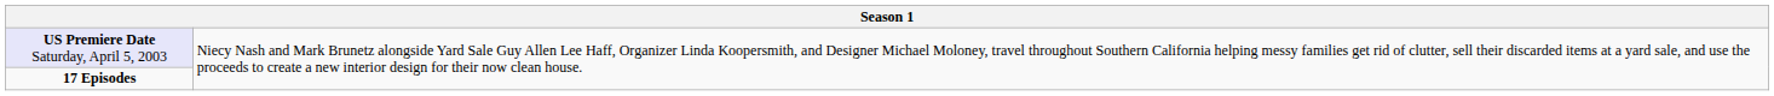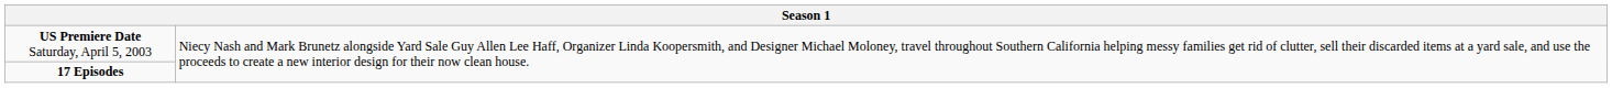 <table class="wikitable" style="width:98%;">
 <tr>
 <th colspan="2">Season 1</th>
 </tr>
 <tr>
-<td style="background: lavender; width:200px; text-align:center;"><strong>US Premiere Date</strong><br>Saturday, April 5, 2003</td>
+<td style="width:200px; text-align:center;"><strong>US Premiere Date</strong><br>Saturday, April 5, 2003</td>
 <td rowspan="2">Niecy Nash and Mark Brunetz alongside Yard Sale Guy Allen Lee Haff, Organizer Linda Koopersmith, and Designer Michael Moloney, travel throughout Southern California helping messy families get rid of clutter, sell their discarded items at a yard sale, and use the proceeds to create a new interior design for their now clean house.</td>
 </tr>
 <tr>
 <td style="text-align:center;"><strong>17 Episodes</strong></td>
 </tr>
 </table>
